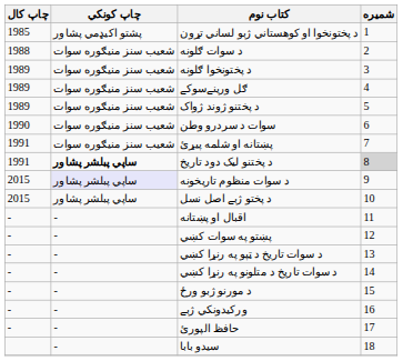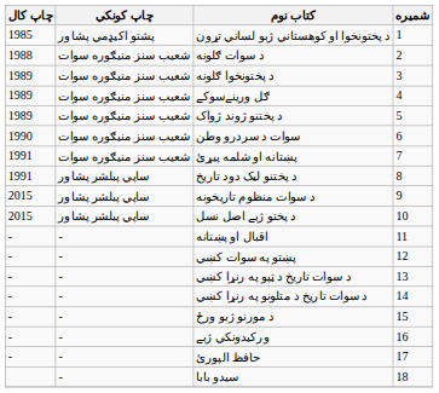 <table class="wikitable sortable">
 <tr>
 <th>چاپ کال</th>
 <th>چاپ کونکي</th>
 <th>کتاب نوم</th>
 <th>شميره</th>
 </tr>
 <tr>
 <td>1985</td>
 <td>پشتو اکيډمي پشاور</td>
 <td>د پختونخوا او کوهستاني ژبو لساني تړون</td>
 <td>1</td>
 </tr>
 <tr>
 <td>1988</td>
 <td>شعيب سنز منيګوره سوات</td>
 <td>د سوات ګلونه</td>
 <td>2</td>
 </tr>
 <tr>
 <td>1989</td>
 <td>شعيب سنز منيګوره سوات</td>
 <td>د پختونخوا ګلونه</td>
 <td>3</td>
 </tr>
 <tr>
 <td>1989</td>
 <td>شعيب سنز منيګوره سوات</td>
 <td>ګل ورينےسوکے</td>
 <td>4</td>
 </tr>
 <tr>
 <td>1989</td>
 <td>شعيب سنز منيګوره سوات</td>
 <td>د پختنو ژوند ژواک</td>
 <td>5</td>
 </tr>
 <tr>
 <td>1990</td>
 <td>شعيب سنز منيګوره سوات</td>
 <td>سوات د سردرو وطن</td>
 <td>6</td>
 </tr>
 <tr>
 <td>1991</td>
 <td>شعيب سنز منيګوره سوات</td>
 <td>پښتانه او شلمه پيړئ</td>
 <td>7</td>
 </tr>
 <tr>
 <td>1991</td>
-<td><strong>ساپي پبلشر پشاور</strong></td>
+<td>ساپي پبلشر پشاور</td>
 <td>د پختنو ليک دود تاريخ</td>
-<td style="background: lightgrey;">8</td>
+<td>8</td>
 </tr>
 <tr>
 <td>2015</td>
-<td style="background: lavender;">ساپي پبلشر پشاور</td>
+<td>ساپي پبلشر پشاور</td>
 <td>د سوات منظوم تاريخونه</td>
 <td>9</td>
 </tr>
 <tr>
 <td>2015</td>
 <td>ساپي پبلشر پشاور</td>
 <td>د پختو ژبے اصل نسل</td>
 <td>10</td>
 </tr>
 <tr>
 <td>-</td>
 <td>-</td>
 <td>اقبال او پښتانه</td>
 <td>11</td>
 </tr>
 <tr>
 <td>-</td>
 <td>-</td>
 <td>پښتو په سوات کښي</td>
 <td>12</td>
 </tr>
 <tr>
 <td>-</td>
 <td>-</td>
 <td>د سوات تاريخ د ټپو په رنړا کښي</td>
 <td>13</td>
 </tr>
 <tr>
 <td>-</td>
 <td>-</td>
 <td>د سوات تاريخ د متلونو په رنړا کښي</td>
 <td>14</td>
 </tr>
 <tr>
 <td>-</td>
 <td>-</td>
 <td>د مورنو ژبو ورځ</td>
 <td>15</td>
 </tr>
 <tr>
 <td>-</td>
 <td>-</td>
 <td>ورکيدونکي ژبے</td>
 <td>16</td>
 </tr>
 <tr>
 <td>-</td>
 <td>-</td>
 <td>حافظ الپورئ</td>
 <td>17</td>
 </tr>
 <tr>
 <td></td>
 <td>-</td>
 <td>سيدو بابا</td>
 <td>18</td>
 </tr>
 <tr>
 </tr>
 </table>
